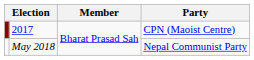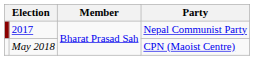 <table class="wikitable">
 <tr>
 <th colspan="2">Election</th>
 <th>Member</th>
 <th>Party</th>
 </tr>
 <tr>
 <td style="background-color:darkred"></td>
 <td><a href='#'>2017</a></td>
 <td rowspan="2"><a href='#'>Bharat Prasad Sah</a></td>
-<td><a href='#'>CPN (Maoist Centre)</a></td>
+<td><a href='#'>Nepal Communist Party</a></td>
 </tr>
 <tr>
 <td style="background-color:"></td>
 <td><em>May 2018</em></td>
-<td><a href='#'>Nepal Communist Party</a></td>
+<td><a href='#'>CPN (Maoist Centre)</a></td>
 </tr>
 </table>
